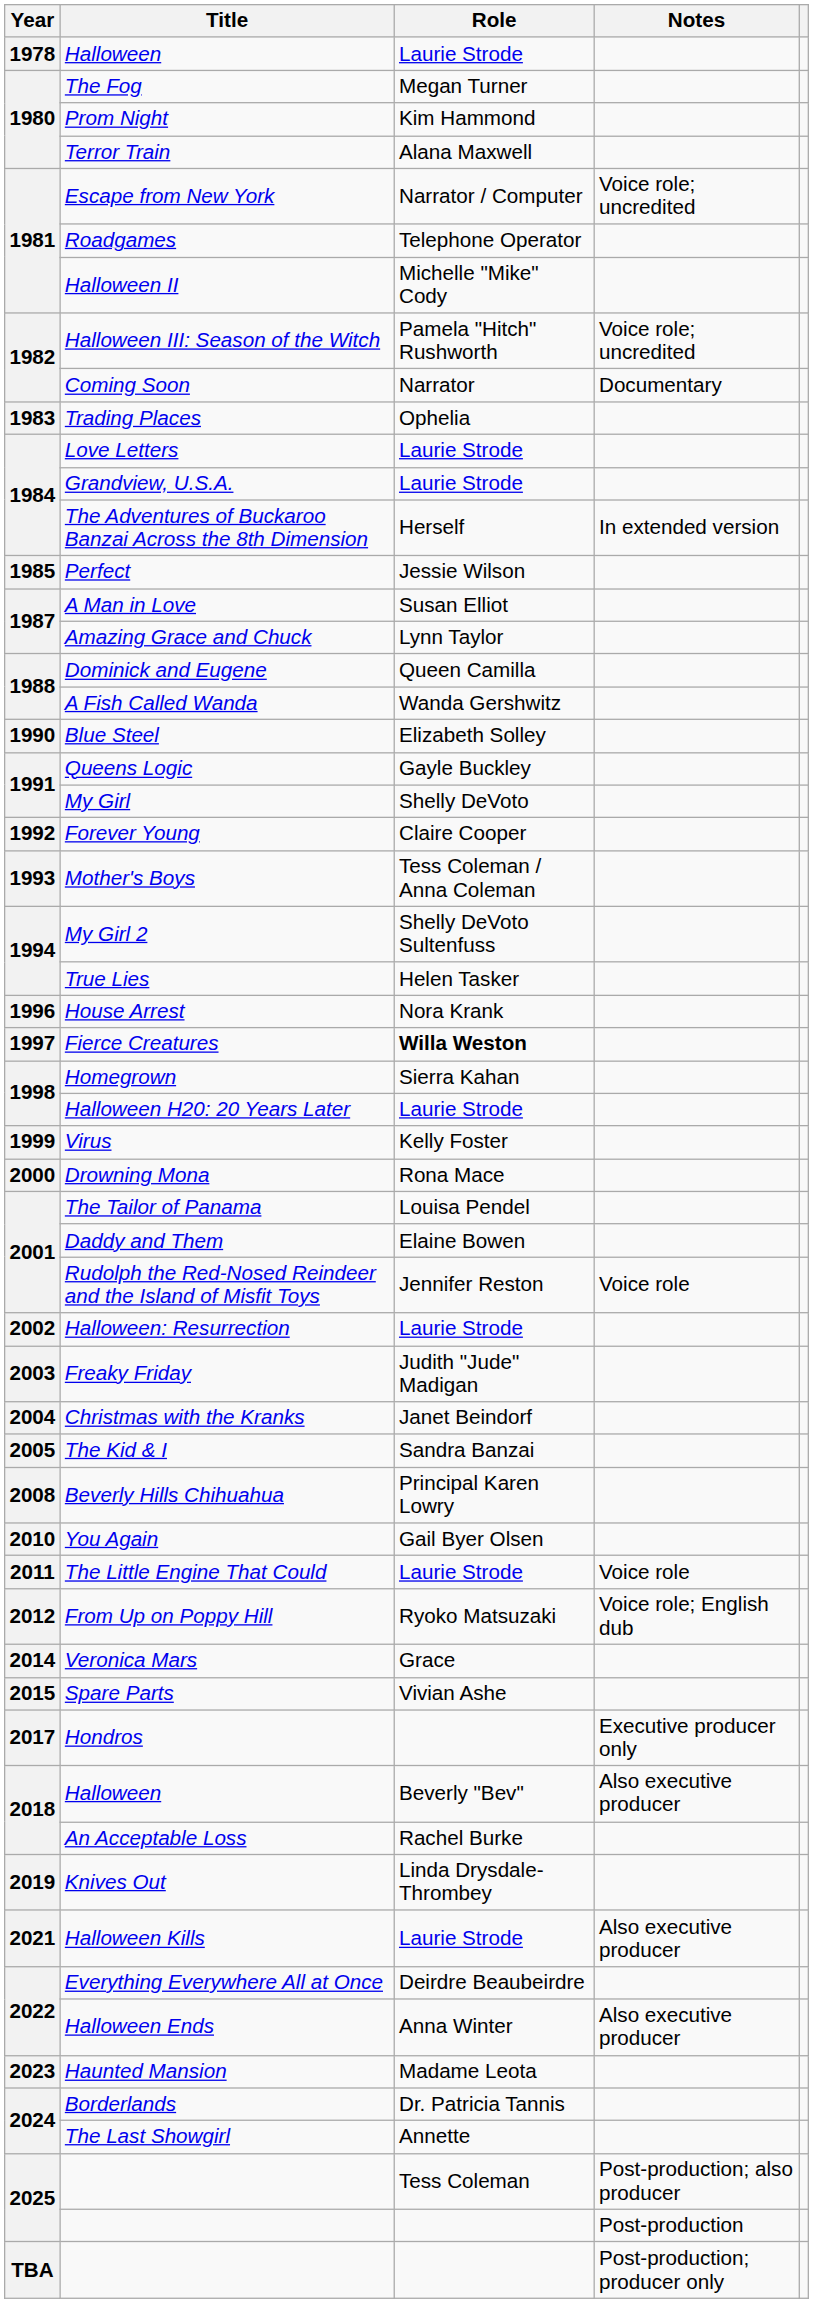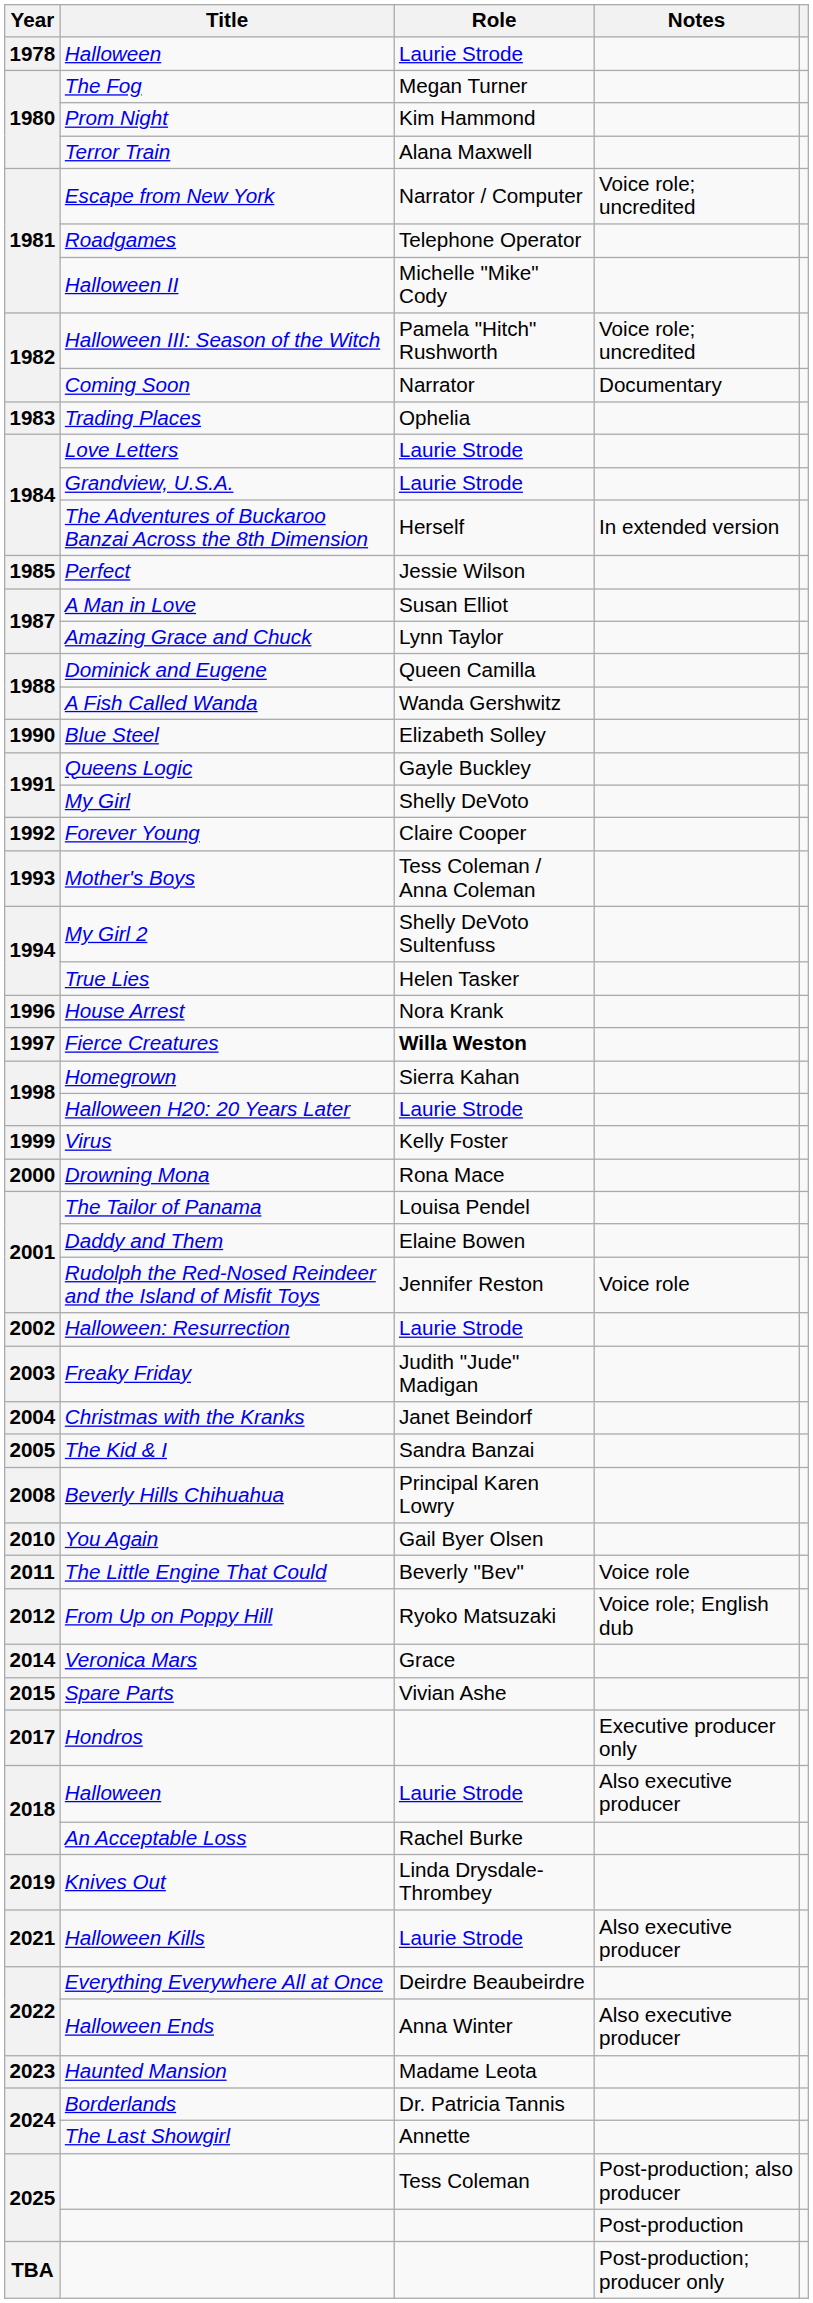 <table class="wikitable plainrowheaders sortable" style="margin-right: 0;">
 <tr>
 <th scope="col">Year</th>
 <th scope="col">Title</th>
 <th scope="col">Role</th>
 <th scope="col" class="unsortable">Notes</th>
 <th scope="col" class="unsortable"></th>
 </tr>
 <tr>
 <th scope="row">1978</th>
 <td><em><a href='#'>Halloween</a></em></td>
 <td><a href='#'>Laurie Strode</a></td>
 <td></td>
 <td style="text-align:center;"></td>
 </tr>
 <tr>
 <th rowspan="3" scope="row">1980</th>
 <td><em><a href='#'>The Fog</a></em></td>
 <td>Megan Turner</td>
 <td></td>
 <td style="text-align:center;"></td>
 </tr>
 <tr>
 <td><em><a href='#'>Prom Night</a></em></td>
 <td>Kim Hammond</td>
 <td></td>
 <td style="text-align:center;"></td>
 </tr>
 <tr>
 <td><em><a href='#'>Terror Train</a></em></td>
 <td>Alana Maxwell</td>
 <td></td>
 <td style="text-align:center;"></td>
 </tr>
 <tr>
 <th rowspan="3" scope="row">1981</th>
 <td><em><a href='#'>Escape from New York</a></em></td>
 <td>Narrator / Computer</td>
 <td>Voice role; uncredited</td>
 <td style="text-align:center;"></td>
 </tr>
 <tr>
 <td><em><a href='#'>Roadgames</a></em></td>
 <td>Telephone Operator</td>
 <td></td>
 <td style="text-align:center;"></td>
 </tr>
 <tr>
 <td><em><a href='#'>Halloween II</a></em></td>
 <td>Michelle "Mike" Cody</td>
 <td></td>
 <td style="text-align:center;"></td>
 </tr>
 <tr>
 <th rowspan="2" scope="row">1982</th>
 <td><em><a href='#'>Halloween III: Season of the Witch</a></em></td>
 <td>Pamela "Hitch" Rushworth</td>
 <td>Voice role; uncredited</td>
 <td style="text-align:center;"></td>
 </tr>
 <tr>
 <td><em><a href='#'>Coming Soon</a></em></td>
 <td>Narrator</td>
 <td>Documentary</td>
 <td style="text-align:center;"></td>
 </tr>
 <tr>
 <th scope="row">1983</th>
 <td><em><a href='#'>Trading Places</a></em></td>
 <td>Ophelia</td>
 <td></td>
 <td style="text-align:center;"></td>
 </tr>
 <tr>
 <th rowspan="3" scope="row">1984</th>
 <td><em><a href='#'>Love Letters</a></em></td>
 <td><a href='#'>Laurie Strode</a></td>
 <td></td>
 <td style="text-align:center;"></td>
 </tr>
 <tr>
 <td><em><a href='#'>Grandview, U.S.A.</a></em></td>
 <td><a href='#'>Laurie Strode</a></td>
 <td></td>
 <td style="text-align:center;"></td>
 </tr>
 <tr>
 <td><em><a href='#'>The Adventures of Buckaroo Banzai Across the 8th Dimension</a></em></td>
 <td>Herself</td>
 <td>In extended version</td>
 <td style="text-align:center;"></td>
 </tr>
 <tr>
 <th scope="row">1985</th>
 <td><em><a href='#'>Perfect</a></em></td>
 <td>Jessie Wilson</td>
 <td></td>
 <td style="text-align:center;"></td>
 </tr>
 <tr>
 <th rowspan="2" scope="row">1987</th>
 <td><em><a href='#'>A Man in Love</a></em></td>
 <td>Susan Elliot</td>
 <td></td>
 <td style="text-align:center;"></td>
 </tr>
 <tr>
 <td><em><a href='#'>Amazing Grace and Chuck</a></em></td>
 <td>Lynn Taylor</td>
 <td></td>
 <td style="text-align:center;"></td>
 </tr>
 <tr>
 <th rowspan="2" scope="row">1988</th>
 <td><em><a href='#'>Dominick and Eugene</a></em></td>
 <td>Queen Camilla</td>
 <td></td>
 <td style="text-align:center;"></td>
 </tr>
 <tr>
 <td><em><a href='#'>A Fish Called Wanda</a></em></td>
 <td>Wanda Gershwitz</td>
 <td></td>
 <td style="text-align:center;"></td>
 </tr>
 <tr>
 <th scope="row">1990</th>
 <td><em><a href='#'>Blue Steel</a></em></td>
 <td>Elizabeth Solley</td>
 <td></td>
 <td style="text-align:center;"></td>
 </tr>
 <tr>
 <th rowspan="2" scope="row">1991</th>
 <td><em><a href='#'>Queens Logic</a></em></td>
 <td>Gayle Buckley</td>
 <td></td>
 <td style="text-align:center;"></td>
 </tr>
 <tr>
 <td><em><a href='#'>My Girl</a></em></td>
 <td>Shelly DeVoto</td>
 <td></td>
 <td style="text-align:center;"></td>
 </tr>
 <tr>
 <th scope="row">1992</th>
 <td><em><a href='#'>Forever Young</a></em></td>
 <td>Claire Cooper</td>
 <td></td>
 <td style="text-align:center;"></td>
 </tr>
 <tr>
 <th scope="row">1993</th>
 <td><em><a href='#'>Mother's Boys</a></em></td>
 <td>Tess Coleman / Anna Coleman</td>
 <td></td>
 <td style="text-align:center;"></td>
 </tr>
 <tr>
 <th rowspan="2" scope="row">1994</th>
 <td><em><a href='#'>My Girl 2</a></em></td>
 <td>Shelly DeVoto Sultenfuss</td>
 <td></td>
 <td style="text-align:center;"></td>
 </tr>
 <tr>
 <td><em><a href='#'>True Lies</a></em></td>
 <td>Helen Tasker</td>
 <td></td>
 <td style="text-align:center;"></td>
 </tr>
 <tr>
 <th scope="row">1996</th>
 <td><em><a href='#'>House Arrest</a></em></td>
 <td>Nora Krank</td>
 <td></td>
 <td style="text-align:center;"></td>
 </tr>
 <tr>
 <th scope="row">1997</th>
 <td><em><a href='#'>Fierce Creatures</a></em></td>
 <td><strong>Willa Weston</strong></td>
 <td></td>
 <td style="text-align:center;"></td>
 </tr>
 <tr>
 <th rowspan="2" scope="row">1998</th>
 <td><em><a href='#'>Homegrown</a></em></td>
 <td>Sierra Kahan</td>
 <td></td>
 <td style="text-align:center;"></td>
 </tr>
 <tr>
 <td><em><a href='#'>Halloween H20: 20 Years Later</a></em></td>
 <td><a href='#'>Laurie Strode</a></td>
 <td></td>
 <td style="text-align:center;"></td>
 </tr>
 <tr>
 <th scope="row">1999</th>
 <td><em><a href='#'>Virus</a></em></td>
 <td>Kelly Foster</td>
 <td></td>
 <td style="text-align:center;"></td>
 </tr>
 <tr>
 <th scope="row">2000</th>
 <td><em><a href='#'>Drowning Mona</a></em></td>
 <td>Rona Mace</td>
 <td></td>
 <td style="text-align:center;"></td>
 </tr>
 <tr>
 <th rowspan="3" scope="row">2001</th>
 <td><em><a href='#'>The Tailor of Panama</a></em></td>
 <td>Louisa Pendel</td>
 <td></td>
 <td style="text-align:center;"></td>
 </tr>
 <tr>
 <td><em><a href='#'>Daddy and Them</a></em></td>
 <td>Elaine Bowen</td>
 <td></td>
 <td style="text-align:center;"></td>
 </tr>
 <tr>
 <td><em><a href='#'>Rudolph the Red-Nosed Reindeer and the Island of Misfit Toys</a></em></td>
 <td>Jennifer Reston</td>
 <td>Voice role</td>
 <td style="text-align:center;"></td>
 </tr>
 <tr>
 <th scope="row">2002</th>
 <td><em><a href='#'>Halloween: Resurrection</a></em></td>
 <td><a href='#'>Laurie Strode</a></td>
 <td></td>
 <td style="text-align:center;"></td>
 </tr>
 <tr>
 <th scope="row">2003</th>
 <td><em><a href='#'>Freaky Friday</a></em></td>
 <td>Judith "Jude" Madigan</td>
 <td></td>
 <td style="text-align:center;"></td>
 </tr>
 <tr>
 <th scope="row">2004</th>
 <td><em><a href='#'>Christmas with the Kranks</a></em></td>
 <td>Janet Beindorf</td>
 <td></td>
 <td style="text-align:center;"></td>
 </tr>
 <tr>
 <th scope="row">2005</th>
 <td><em><a href='#'>The Kid & I</a></em></td>
 <td>Sandra Banzai</td>
 <td></td>
 <td style="text-align:center;"></td>
 </tr>
 <tr>
 <th scope="row">2008</th>
 <td><em><a href='#'>Beverly Hills Chihuahua</a></em></td>
 <td>Principal Karen Lowry</td>
 <td></td>
 <td style="text-align:center;"></td>
 </tr>
 <tr>
 <th scope="row">2010</th>
 <td><em><a href='#'>You Again</a></em></td>
 <td>Gail Byer Olsen</td>
 <td></td>
 <td style="text-align:center;"></td>
 </tr>
 <tr>
 <th scope="row">2011</th>
 <td><em><a href='#'>The Little Engine That Could</a></em></td>
-<td><a href='#'>Laurie Strode</a></td>
+<td>Beverly "Bev"</td>
 <td>Voice role</td>
 <td style="text-align:center;"></td>
 </tr>
 <tr>
 <th scope="row">2012</th>
 <td><em><a href='#'>From Up on Poppy Hill</a></em></td>
 <td>Ryoko Matsuzaki</td>
 <td>Voice role; English dub</td>
 <td style="text-align:center;"></td>
 </tr>
 <tr>
 <th scope="row">2014</th>
 <td><em><a href='#'>Veronica Mars</a></em></td>
 <td>Grace</td>
 <td></td>
 <td style="text-align:center;"></td>
 </tr>
 <tr>
 <th scope="row">2015</th>
 <td><em><a href='#'>Spare Parts</a></em></td>
 <td>Vivian Ashe</td>
 <td></td>
 <td style="text-align:center;"></td>
 </tr>
 <tr>
 <th scope="row">2017</th>
 <td><em><a href='#'>Hondros</a></em></td>
 <td></td>
 <td>Executive producer only</td>
 <td style="text-align:center;"></td>
 </tr>
 <tr>
 <th rowspan="2" scope="row">2018</th>
 <td><em><a href='#'>Halloween</a></em></td>
-<td>Beverly "Bev"</td>
+<td><a href='#'>Laurie Strode</a></td>
 <td>Also executive producer</td>
 <td style="text-align:center;"></td>
 </tr>
 <tr>
 <td><em><a href='#'>An Acceptable Loss</a></em></td>
 <td>Rachel Burke</td>
 <td></td>
 <td style="text-align:center;"></td>
 </tr>
 <tr>
 <th scope="row">2019</th>
 <td><em><a href='#'>Knives Out</a></em></td>
 <td>Linda Drysdale-Thrombey</td>
 <td></td>
 <td style="text-align:center;"></td>
 </tr>
 <tr>
 <th scope="row">2021</th>
 <td><em><a href='#'>Halloween Kills</a></em></td>
 <td><a href='#'>Laurie Strode</a></td>
 <td>Also executive producer</td>
 <td style="text-align:center;"></td>
 </tr>
 <tr>
 <th rowspan="2" scope="row">2022</th>
 <td><em><a href='#'>Everything Everywhere All at Once</a></em></td>
 <td>Deirdre Beaubeirdre</td>
 <td></td>
 <td style="text-align:center;"></td>
 </tr>
 <tr>
 <td><em><a href='#'>Halloween Ends</a></em></td>
 <td>Anna Winter</td>
 <td>Also executive producer</td>
 <td style="text-align:center;"></td>
 </tr>
 <tr>
 <th scope="row">2023</th>
 <td><em><a href='#'>Haunted Mansion</a></em></td>
 <td>Madame Leota</td>
 <td></td>
 <td style="text-align:center;"></td>
 </tr>
 <tr>
 <th scope="row" rowspan="2">2024</th>
 <td><em><a href='#'>Borderlands</a></em></td>
 <td>Dr. Patricia Tannis</td>
 <td></td>
 <td style="text-align:center;"></td>
 </tr>
 <tr>
 <td><em><a href='#'>The Last Showgirl</a></em></td>
 <td>Annette</td>
 <td></td>
 <td></td>
 </tr>
 <tr>
 <th rowspan="2" scope="row">2025</th>
 <td></td>
 <td>Tess Coleman</td>
 <td>Post-production; also producer</td>
 <td></td>
 </tr>
 <tr>
 <td></td>
 <td></td>
 <td>Post-production</td>
 <td style="text-align:center;"></td>
 </tr>
 <tr>
 <th scope="row">TBA</th>
 <td></td>
 <td></td>
 <td>Post-production; producer only</td>
 <td></td>
 </tr>
 </table>
